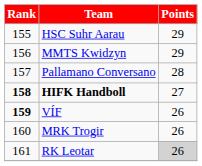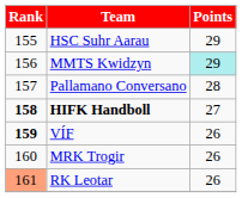 <table class="wikitable" style="text-align: center">
 <tr>
 <th style="color:#FFFFFF; background:#FF0000">Rank</th>
 <th style="color:#FFFFFF; background:#FF0000">Team</th>
 <th style="color:#FFFFFF; background:#FF0000">Points</th>
 </tr>
 <tr>
 <td>155</td>
 <td align=left> <a href='#'>HSC Suhr Aarau</a></td>
 <td>29</td>
 </tr>
 <tr>
 <td>156</td>
 <td align=left> <a href='#'>MMTS Kwidzyn</a></td>
-<td>29</td>
+<td style="background: paleturquoise;">29</td>
 </tr>
 <tr>
 <td>157</td>
 <td align=left> <a href='#'>Pallamano Conversano</a></td>
 <td>28</td>
 </tr>
 <tr>
 <td><strong>158</strong></td>
 <td align=left> <strong>HIFK Handboll</strong></td>
 <td>27</td>
 </tr>
 <tr>
 <td><strong>159</strong></td>
 <td align=left> <a href='#'>VÍF</a></td>
 <td>26</td>
 </tr>
 <tr>
 <td>160</td>
 <td align=left> <a href='#'>MRK Trogir</a></td>
 <td>26</td>
 </tr>
 <tr>
-<td>161</td>
+<td style="background: lightsalmon;">161</td>
 <td align=left> <a href='#'>RK Leotar</a></td>
-<td style="background: lightgrey;">26</td>
+<td>26</td>
 </tr>
 <tr>
 </tr>
 </table>
